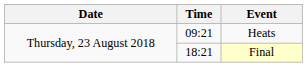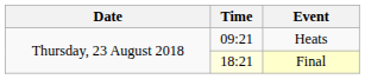 <table class = "wikitable" style="text-align:center;">
 <tr>
 <th width=220>Date</th>
 <th width=50>Time</th>
 <th width=100>Event</th>
 </tr>
 <tr>
 <td rowspan=2>Thursday, 23 August 2018</td>
 <td>09:21</td>
 <td>Heats</td>
 </tr>
 <tr>
-<td>18:21</td>
+<td style="background: lightyellow;">18:21</td>
 <td bgcolor=ffffcc>Final</td>
 </tr>
 </table>
